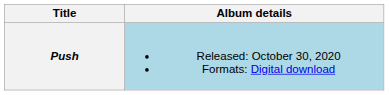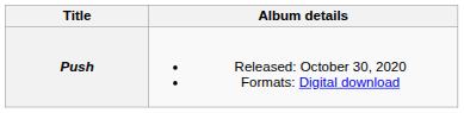 <table class="wikitable plainrowheaders" style="text-align:center;">
 <tr>
 <th scope="col" style="width:10em;">Title</th>
 <th scope="col" style="width:22em;">Album details</th>
 </tr>
 <tr>
 <th scope="row"><em>Push</em></th>
-<td style="background: lightblue;"><br><ul><li>Released: October 30, 2020</li><li>Formats: <a href='#'>Digital download</a></li></ul></td>
+<td><br><ul><li>Released: October 30, 2020</li><li>Formats: <a href='#'>Digital download</a></li></ul></td>
 </tr>
 </table>
